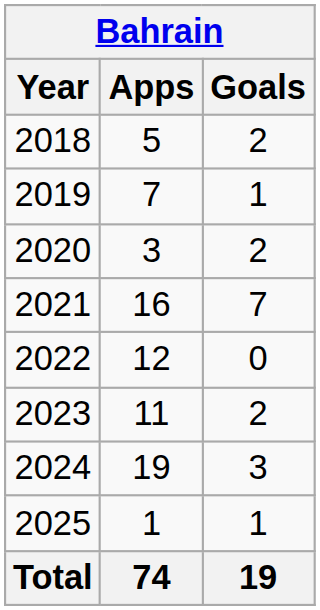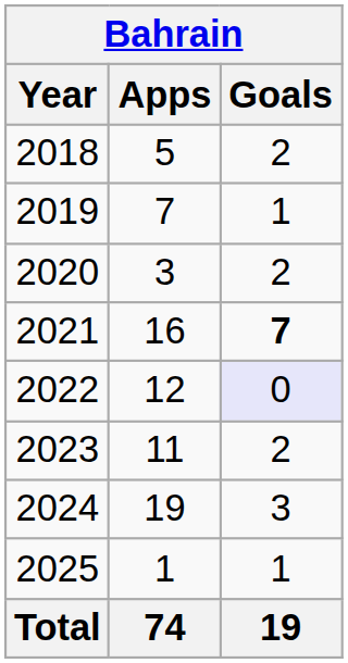 <table class="wikitable" style="text-align:center">
 <tr>
 <th colspan=4><a href='#'>Bahrain</a></th>
 </tr>
 <tr>
 <th>Year</th>
 <th>Apps</th>
 <th>Goals</th>
 </tr>
 <tr>
 <td>2018</td>
 <td>5</td>
 <td>2</td>
 </tr>
 <tr>
 <td>2019</td>
 <td>7</td>
 <td>1</td>
 </tr>
 <tr>
 <td>2020</td>
 <td>3</td>
 <td>2</td>
 </tr>
 <tr>
 <td>2021</td>
 <td>16</td>
-<td>7</td>
+<td><strong>7</strong></td>
 </tr>
 <tr>
 <td>2022</td>
 <td>12</td>
-<td>0</td>
+<td style="background: lavender;">0</td>
 </tr>
 <tr>
 <td>2023</td>
 <td>11</td>
 <td>2</td>
 </tr>
 <tr>
 <td>2024</td>
 <td>19</td>
 <td>3</td>
 </tr>
 <tr>
 <td>2025</td>
 <td>1</td>
 <td>1</td>
 </tr>
 <tr>
 <th>Total</th>
 <th>74</th>
 <th>19</th>
 </tr>
 </table>
